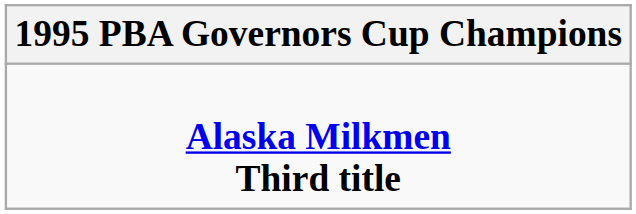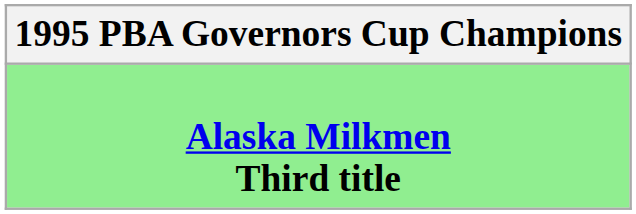 <table class=wikitable style="text-align:center; margin:auto">
 <tr>
 <th>1995 PBA Governors Cup Champions</th>
 </tr>
 <tr>
-<td><br> <strong><a href='#'>Alaska Milkmen</a></strong> <br> <strong>Third title</strong></td>
+<td style="background: lightgreen;"><br> <strong><a href='#'>Alaska Milkmen</a></strong> <br> <strong>Third title</strong></td>
 </tr>
 </table>
